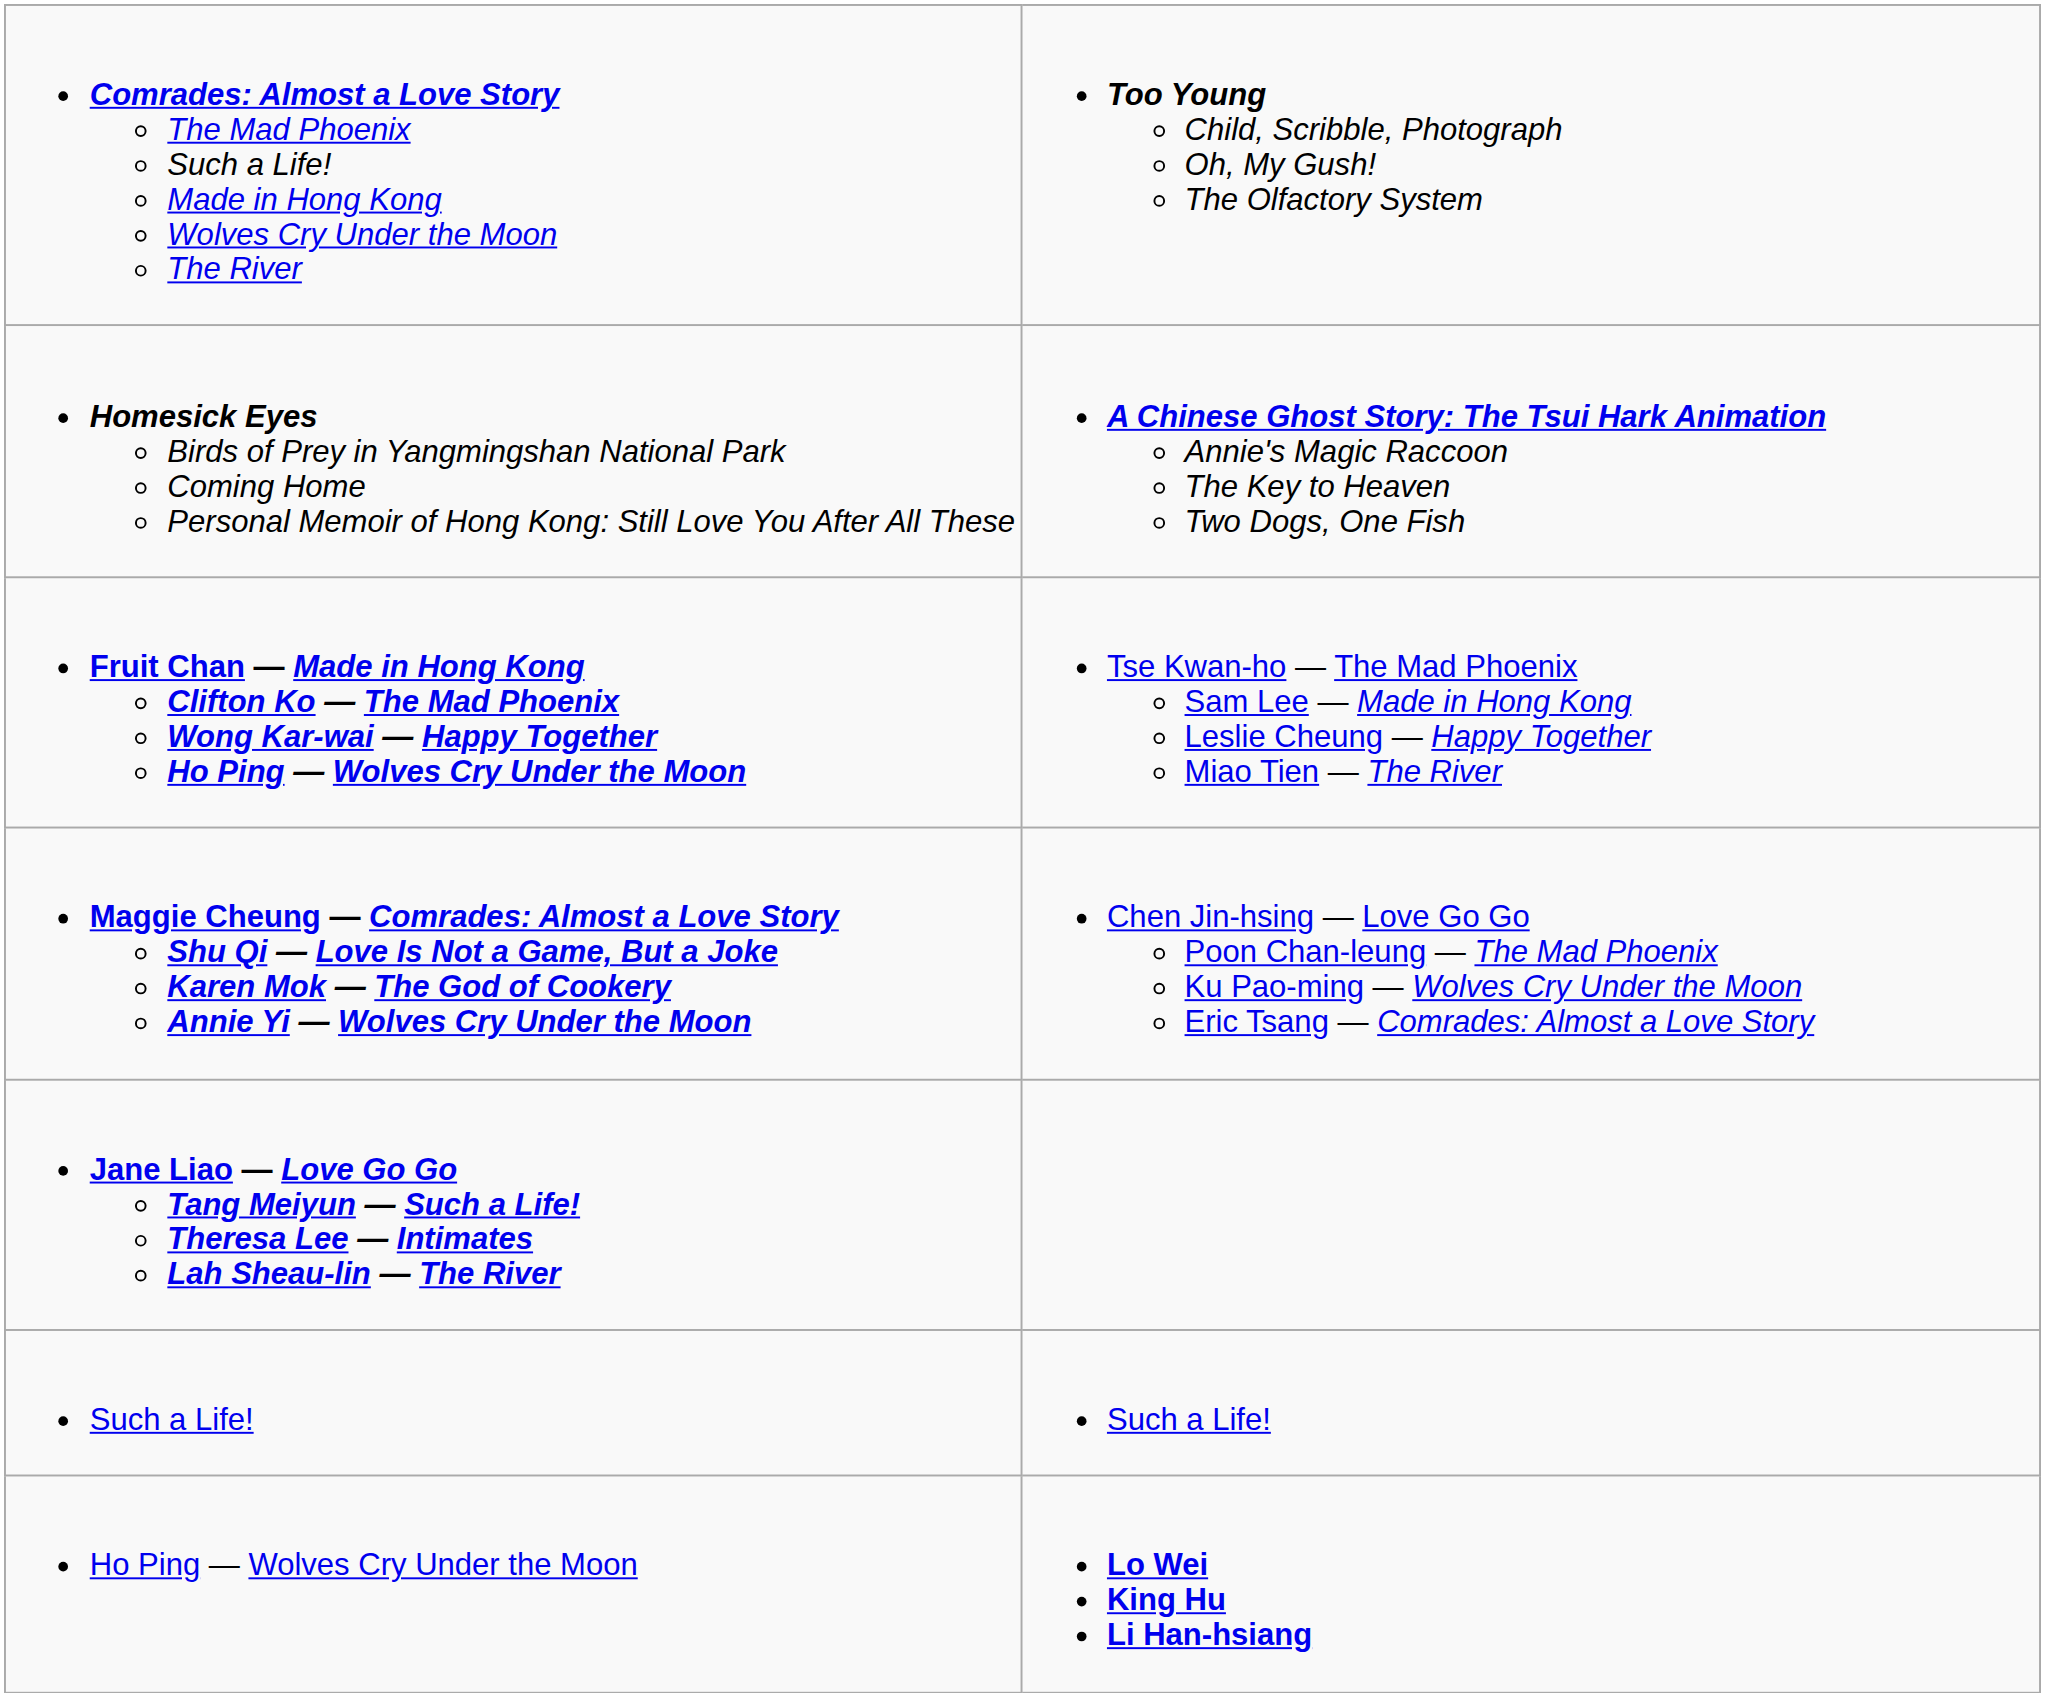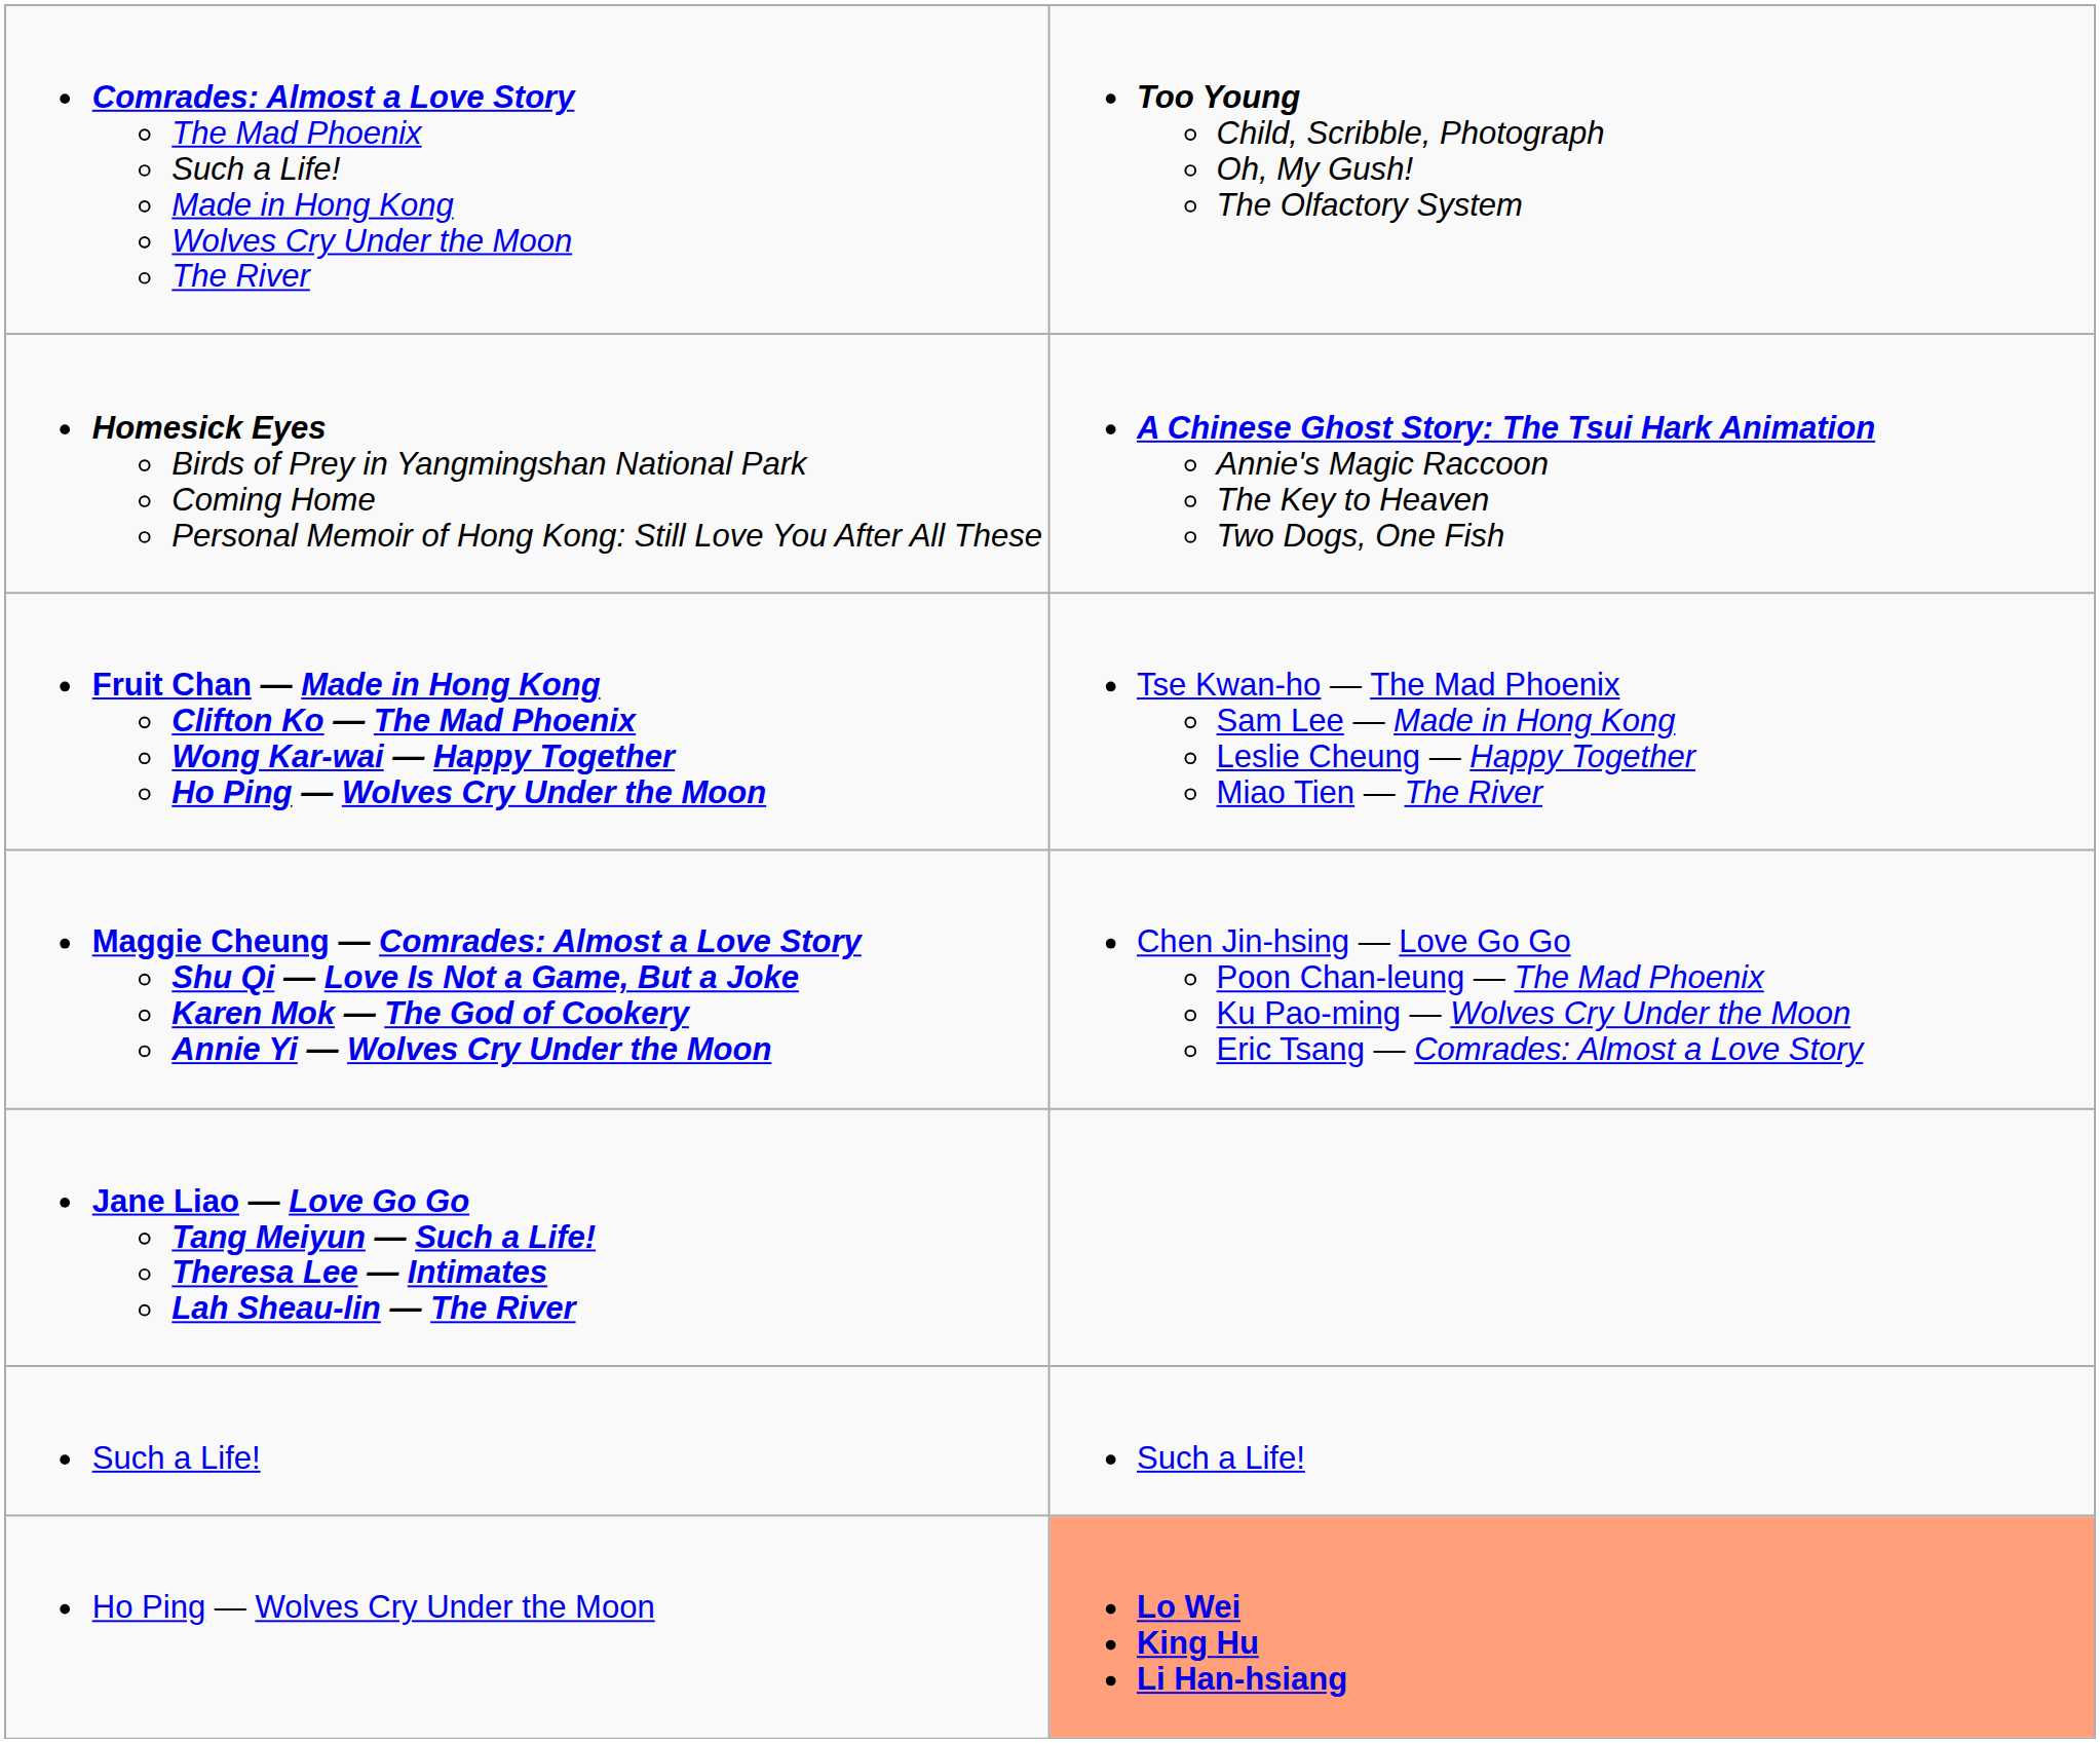 <table class=wikitable>
 <tr>
 <td valign="top" width="50%"><br><ul><li><strong><em><a href='#'>Comrades: Almost a Love Story</a></em></strong><ul><li><em><a href='#'>The Mad Phoenix</a></em></li><li><em>Such a Life!</em></li><li><em><a href='#'>Made in Hong Kong</a></em></li><li><em><a href='#'>Wolves Cry Under the Moon</a></em></li><li><em><a href='#'>The River</a></em></li></ul></li></ul></td>
 <td valign="top" width="50%"><br><ul><li><strong><em>Too Young</em></strong><ul><li><em>Child, Scribble, Photograph</em></li><li><em>Oh, My Gush!</em></li><li><em>The Olfactory System</em></li></ul></li></ul></td>
 </tr>
 <tr>
 <td valign="top" width="50%"><br><ul><li><strong><em>Homesick Eyes</em></strong><ul><li><em>Birds of Prey in Yangmingshan National Park</em></li><li><em>Coming Home</em></li><li><em>Personal Memoir of Hong Kong: Still Love You After All These</em></li></ul></li></ul></td>
 <td valign="top" width="50%"><br><ul><li><strong><em><a href='#'>A Chinese Ghost Story: The Tsui Hark Animation</a></em></strong><ul><li><em>Annie's Magic Raccoon</em></li><li><em>The Key to Heaven</em></li><li><em>Two Dogs, One Fish</em></li></ul></li></ul></td>
 </tr>
 <tr>
 <td valign="top" width="50%"><br><ul><li><strong><a href='#'>Fruit Chan</a> — <em><a href='#'>Made in Hong Kong</a><strong><em><ul><li><a href='#'>Clifton Ko</a>  — </em><a href='#'>The Mad Phoenix</a><em></li><li><a href='#'>Wong Kar-wai</a> — </em><a href='#'>Happy Together</a><em></li><li><a href='#'>Ho Ping</a> — </em><a href='#'>Wolves Cry Under the Moon</a><em></li></ul></li></ul></td>
 <td valign="top" width="50%"><br><ul><li></strong><a href='#'>Tse Kwan-ho</a> — </em><a href='#'>The Mad Phoenix</a></em></strong><ul><li><a href='#'>Sam Lee</a> — <em><a href='#'>Made in Hong Kong</a></em></li><li><a href='#'>Leslie Cheung</a> — <em><a href='#'>Happy Together</a></em></li><li><a href='#'>Miao Tien</a> — <em><a href='#'>The River</a></em></li></ul></li></ul></td>
 </tr>
 <tr>
 <td valign="top" width="50%"><br><ul><li><strong><a href='#'>Maggie Cheung</a> — <em><a href='#'>Comrades: Almost a Love Story</a><strong><em><ul><li><a href='#'>Shu Qi</a> — </em><a href='#'>Love Is Not a Game, But a Joke</a><em></li><li><a href='#'>Karen Mok</a> — </em><a href='#'>The God of Cookery</a><em></li><li><a href='#'>Annie Yi</a> — </em><a href='#'>Wolves Cry Under the Moon</a><em></li></ul></li></ul></td>
 <td valign="top" width="50%"><br><ul><li></strong><a href='#'>Chen Jin-hsing</a> — </em><a href='#'>Love Go Go</a></em></strong><ul><li><a href='#'>Poon Chan-leung</a> — <em><a href='#'>The Mad Phoenix</a></em></li><li><a href='#'>Ku Pao-ming</a> — <em><a href='#'>Wolves Cry Under the Moon</a></em></li><li><a href='#'>Eric Tsang</a> — <em><a href='#'>Comrades: Almost a Love Story</a></em></li></ul></li></ul></td>
 </tr>
 <tr>
 <td valign="top" width="50%"><br><ul><li><strong><a href='#'>Jane Liao</a> — <em><a href='#'>Love Go Go</a><strong><em><ul><li><a href='#'>Tang Meiyun</a> — </em><a href='#'>Such a Life!</a><em></li><li><a href='#'>Theresa Lee</a> — </em><a href='#'>Intimates</a><em></li><li><a href='#'>Lah Sheau-lin</a> — </em><a href='#'>The River</a><em></li></ul></li></ul></td>
 </tr>
 <tr>
 <td valign="top" width="50%"><br><ul><li></em></strong><a href='#'>Such a Life!</a><strong><em></li></ul></td>
 <td valign="top" width="50%"><br><ul><li></em></strong><a href='#'>Such a Life!</a><strong><em></li></ul></td>
 </tr>
 <tr>
 <td valign="top" width="50%"><br><ul><li></strong><a href='#'>Ho Ping</a> — </em><a href='#'>Wolves Cry Under the Moon</a></em></strong></li></ul></td>
-<td valign="top" width="50%"><br><ul><li><strong><a href='#'>Lo Wei</a></strong></li><li><strong><a href='#'>King Hu</a></strong></li><li><strong><a href='#'>Li Han-hsiang</a></strong></li></ul></td>
+<td valign="top" width="50%" style="background: lightsalmon;"><br><ul><li><strong><a href='#'>Lo Wei</a></strong></li><li><strong><a href='#'>King Hu</a></strong></li><li><strong><a href='#'>Li Han-hsiang</a></strong></li></ul></td>
 </tr>
 </table>
